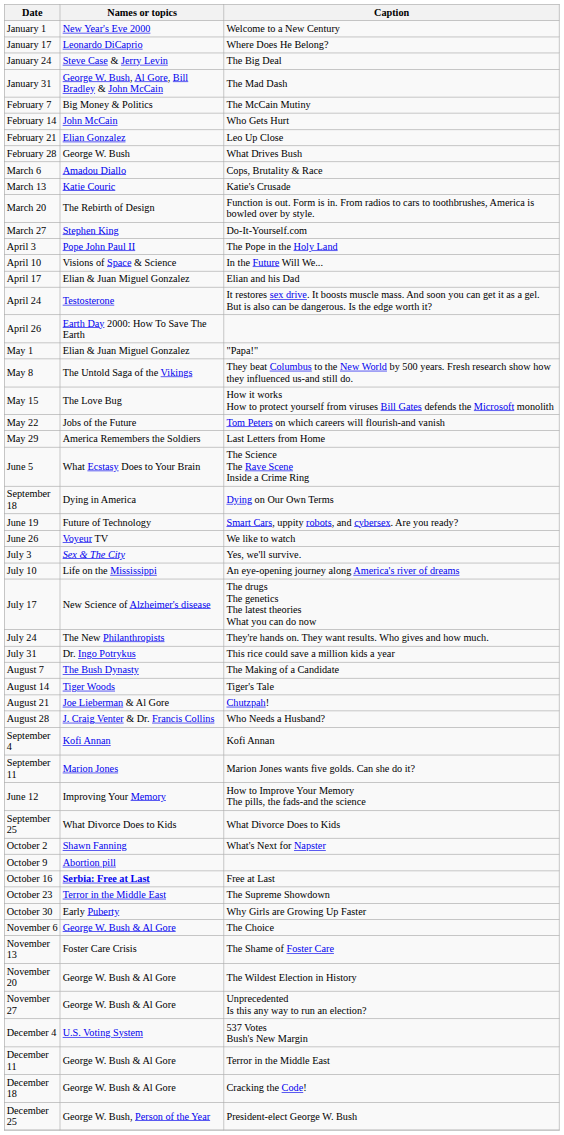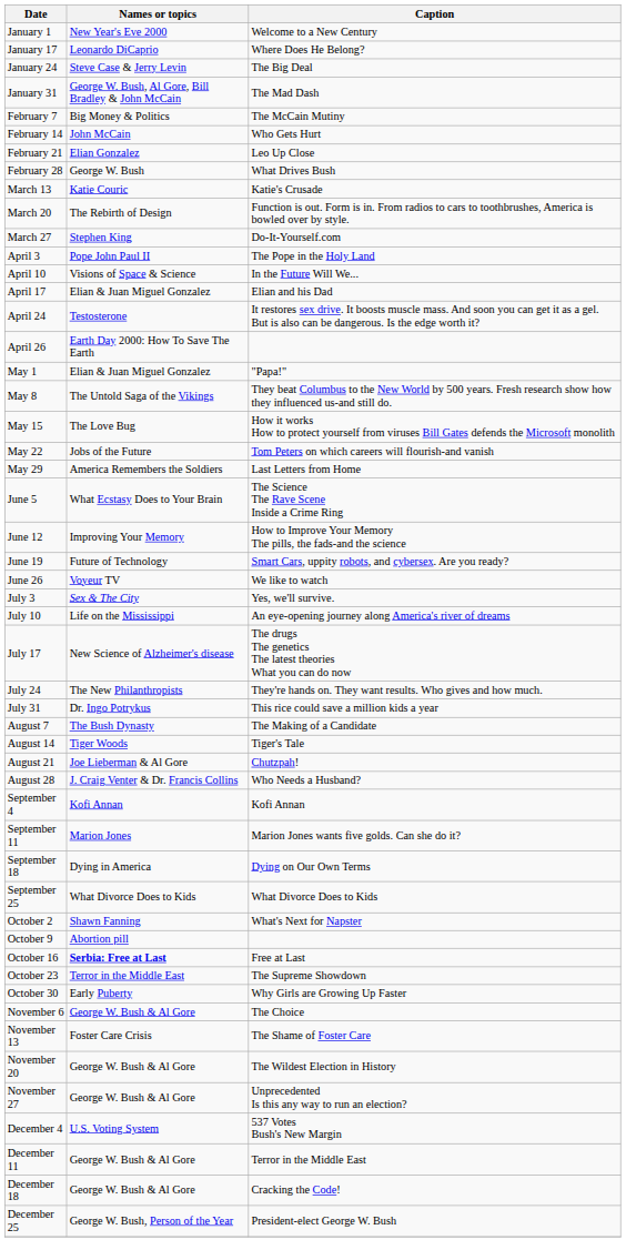 <table class="wikitable">
 <tr>
 <th>Date</th>
 <th>Names or topics</th>
 <th>Caption</th>
 </tr>
 <tr>
 <td>January 1</td>
 <td><a href='#'>New Year's Eve 2000</a></td>
 <td>Welcome to a New Century</td>
 </tr>
 <tr>
 <td>January 17</td>
 <td><a href='#'>Leonardo DiCaprio</a></td>
 <td>Where Does He Belong?</td>
 </tr>
 <tr>
 <td>January 24</td>
 <td><a href='#'>Steve Case</a> & <a href='#'>Jerry Levin</a></td>
 <td>The Big Deal</td>
 </tr>
 <tr>
 <td>January 31</td>
 <td><a href='#'>George W. Bush</a>, <a href='#'>Al Gore</a>, <a href='#'>Bill Bradley</a> & <a href='#'>John McCain</a></td>
 <td>The Mad Dash</td>
 </tr>
 <tr>
 <td>February 7</td>
 <td>Big Money & Politics</td>
 <td>The McCain Mutiny</td>
 </tr>
 <tr>
 <td>February 14</td>
 <td><a href='#'>John McCain</a></td>
 <td>Who Gets Hurt</td>
 </tr>
 <tr>
 <td>February 21</td>
 <td><a href='#'>Elian Gonzalez</a></td>
 <td>Leo Up Close</td>
 </tr>
 <tr>
 <td>February 28</td>
 <td>George W. Bush</td>
 <td>What Drives Bush</td>
-</tr>
-<tr>
-<td>March 6</td>
-<td><a href='#'>Amadou Diallo</a></td>
-<td>Cops, Brutality & Race</td>
 </tr>
 <tr>
 <td>March 13</td>
 <td><a href='#'>Katie Couric</a></td>
 <td>Katie's Crusade</td>
 </tr>
 <tr>
 <td>March 20</td>
 <td>The Rebirth of Design</td>
 <td>Function is out. Form is in. From radios to cars to toothbrushes, America is bowled over by style.</td>
 </tr>
 <tr>
 <td>March 27</td>
 <td><a href='#'>Stephen King</a></td>
 <td>Do-It-Yourself.com</td>
 </tr>
 <tr>
 <td>April 3</td>
 <td><a href='#'>Pope John Paul II</a></td>
 <td>The Pope in the <a href='#'>Holy Land</a></td>
 </tr>
 <tr>
 <td>April 10</td>
 <td>Visions of <a href='#'>Space</a> & Science</td>
 <td>In the <a href='#'>Future</a> Will We...</td>
 </tr>
 <tr>
 <td>April 17</td>
 <td>Elian & Juan Miguel Gonzalez</td>
 <td>Elian and his Dad</td>
 </tr>
 <tr>
 <td>April 24</td>
 <td><a href='#'>Testosterone</a></td>
 <td>It restores <a href='#'>sex drive</a>. It boosts muscle mass. And soon you can get it as a gel. But is also can be dangerous. Is the  edge worth it?</td>
 </tr>
 <tr>
 <td>April 26</td>
 <td><a href='#'>Earth Day</a> 2000: How To Save The Earth</td>
 <td></td>
 </tr>
 <tr>
 <td>May 1</td>
 <td>Elian & Juan Miguel Gonzalez</td>
 <td>"Papa!"</td>
 </tr>
 <tr>
 <td>May 8</td>
 <td>The Untold Saga of the <a href='#'>Vikings</a></td>
 <td>They beat <a href='#'>Columbus</a> to the <a href='#'>New World</a> by 500 years. Fresh research show how they influenced us-and still do.</td>
 </tr>
 <tr>
 <td>May 15</td>
 <td>The Love Bug</td>
 <td>How it works<br>How to protect yourself from viruses <a href='#'>Bill Gates</a> defends the <a href='#'>Microsoft</a> monolith</td>
 </tr>
 <tr>
 <td>May 22</td>
 <td>Jobs of the Future</td>
 <td><a href='#'>Tom Peters</a> on which careers will flourish-and vanish</td>
 </tr>
 <tr>
 <td>May 29</td>
 <td>America Remembers the Soldiers</td>
 <td>Last Letters from Home</td>
 </tr>
 <tr>
 <td>June 5</td>
 <td>What <a href='#'>Ecstasy</a> Does to Your Brain</td>
 <td>The Science<br>The <a href='#'>Rave Scene</a><br>Inside a Crime Ring</td>
 </tr>
 <tr>
-<td>September 18</td>
-<td>Dying in America</td>
-<td><a href='#'>Dying</a> on Our Own Terms</td>
+<td>June 12</td>
+<td>Improving Your <a href='#'>Memory</a></td>
+<td>How to Improve Your Memory<br>The pills, the fads-and the science</td>
 </tr>
 <tr>
 <td>June 19</td>
 <td>Future of Technology</td>
 <td><a href='#'>Smart Cars</a>, uppity <a href='#'>robots</a>, and <a href='#'>cybersex</a>. Are you ready?</td>
 </tr>
 <tr>
 <td>June 26</td>
 <td><a href='#'>Voyeur</a> TV</td>
 <td>We like to watch</td>
 </tr>
 <tr>
 <td>July 3</td>
 <td><em><a href='#'>Sex & The City</a></em></td>
 <td>Yes, we'll survive.</td>
 </tr>
 <tr>
 <td>July 10</td>
 <td>Life on the <a href='#'>Mississippi</a></td>
 <td>An eye-opening journey along <a href='#'>America's river of dreams</a></td>
 </tr>
 <tr>
 <td>July 17</td>
 <td>New Science of <a href='#'>Alzheimer's disease</a></td>
 <td>The drugs<br>The genetics<br>The latest theories<br>What you can do now</td>
 </tr>
 <tr>
 <td>July 24</td>
 <td>The New <a href='#'>Philanthropists</a></td>
 <td>They're hands on. They want results. Who gives and how much.</td>
 </tr>
 <tr>
 <td>July 31</td>
 <td>Dr. <a href='#'>Ingo Potrykus</a></td>
 <td>This rice could save a million kids a year</td>
 </tr>
 <tr>
 <td>August 7</td>
 <td><a href='#'>The Bush Dynasty</a></td>
 <td>The Making of a Candidate</td>
 </tr>
 <tr>
 <td>August 14</td>
 <td><a href='#'>Tiger Woods</a></td>
 <td>Tiger's Tale</td>
 </tr>
 <tr>
 <td>August 21</td>
 <td><a href='#'>Joe Lieberman</a> & Al Gore</td>
 <td><a href='#'>Chutzpah</a>!</td>
 </tr>
 <tr>
 <td>August 28</td>
 <td><a href='#'>J. Craig Venter</a> & Dr. <a href='#'>Francis Collins</a></td>
 <td>Who Needs a Husband?</td>
 </tr>
 <tr>
 <td>September 4</td>
 <td><a href='#'>Kofi Annan</a></td>
 <td>Kofi Annan</td>
 </tr>
 <tr>
 <td>September 11</td>
 <td><a href='#'>Marion Jones</a></td>
 <td>Marion Jones wants five golds. Can she do it?</td>
 </tr>
 <tr>
-<td>June 12</td>
-<td>Improving Your <a href='#'>Memory</a></td>
-<td>How to Improve Your Memory<br>The pills, the fads-and the science</td>
+<td>September 18</td>
+<td>Dying in America</td>
+<td><a href='#'>Dying</a> on Our Own Terms</td>
 </tr>
 <tr>
 <td>September 25</td>
 <td>What Divorce Does to Kids</td>
 <td>What Divorce Does to Kids</td>
 </tr>
 <tr>
 <td>October 2</td>
 <td><a href='#'>Shawn Fanning</a></td>
 <td>What's Next for <a href='#'>Napster</a></td>
 </tr>
 <tr>
 <td>October 9</td>
 <td><a href='#'>Abortion pill</a></td>
 <td></td>
 </tr>
 <tr>
 <td>October 16</td>
 <td><strong><a href='#'>Serbia: Free at Last</a></strong></td>
 <td>Free at Last</td>
 </tr>
 <tr>
 <td>October 23</td>
 <td><a href='#'>Terror in the Middle East</a></td>
 <td>The Supreme Showdown</td>
 </tr>
 <tr>
 <td>October 30</td>
 <td>Early <a href='#'>Puberty</a></td>
 <td>Why Girls are Growing Up Faster</td>
 </tr>
 <tr>
 <td>November 6</td>
 <td><a href='#'>George W. Bush & Al Gore</a></td>
 <td>The Choice</td>
 </tr>
 <tr>
 <td>November 13</td>
 <td>Foster Care Crisis</td>
 <td>The Shame of <a href='#'>Foster Care</a></td>
 </tr>
 <tr>
 <td>November 20</td>
 <td>George W. Bush & Al Gore</td>
 <td>The Wildest Election in History</td>
 </tr>
 <tr>
 <td>November 27</td>
 <td>George W. Bush & Al Gore</td>
 <td>Unprecedented<br>Is this any way to run an election?</td>
 </tr>
 <tr>
 <td>December 4</td>
 <td><a href='#'>U.S. Voting System</a></td>
 <td>537 Votes<br>Bush's New Margin</td>
 </tr>
 <tr>
 <td>December 11</td>
 <td>George W. Bush & Al Gore</td>
 <td>Terror in the Middle East</td>
 </tr>
 <tr>
 <td>December 18</td>
 <td>George W. Bush & Al Gore</td>
 <td>Cracking the <a href='#'>Code</a>!</td>
 </tr>
 <tr>
 <td>December 25</td>
 <td>George W. Bush, <a href='#'>Person of the Year</a></td>
 <td>President-elect George W. Bush</td>
 </tr>
 <tr>
 </tr>
 </table>
